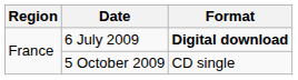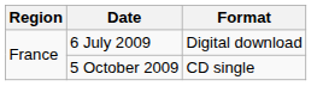 <table class="wikitable" border="1">
 <tr>
 <th>Region</th>
 <th>Date</th>
 <th>Format</th>
 </tr>
 <tr>
 <td rowspan=2>France</td>
 <td>6 July 2009</td>
-<td><strong>Digital download</strong></td>
+<td>Digital download</td>
 </tr>
 <tr>
 <td>5 October 2009</td>
 <td>CD single</td>
 </tr>
 </table>
